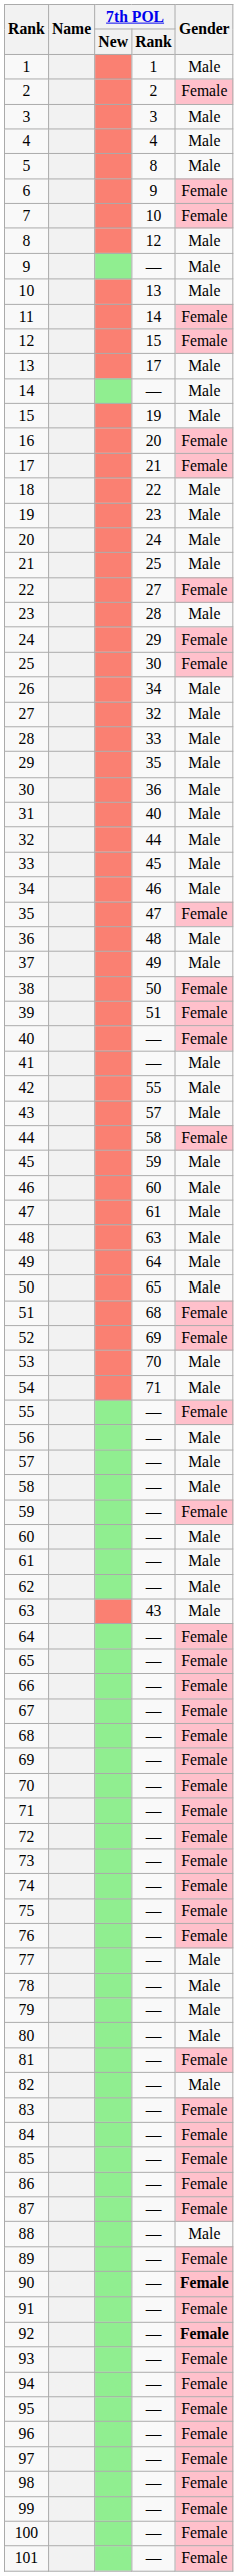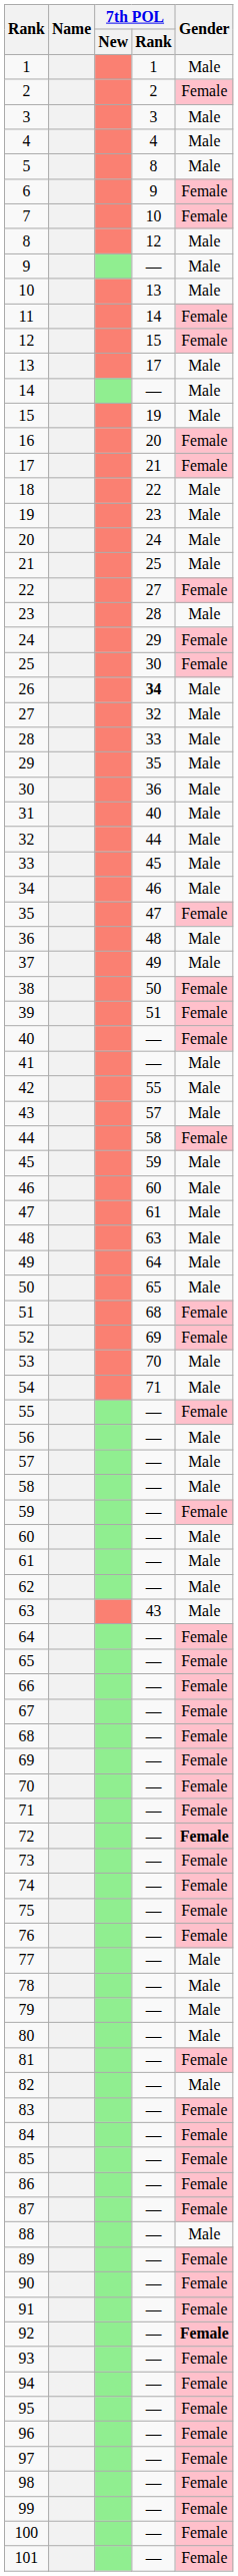 <table class="wikitable sortable" style=text-align:center>
 <tr>
 <th Rowspan="2" scope="col">Rank</th>
 <th Rowspan="2" scope="col">Name</th>
 <th colspan="2" unsortable><a href='#'>7th POL</a></th>
 <th Rowspan="2" scope="col">Gender</th>
 </tr>
 <tr>
 <th>New</th>
 <th>Rank</th>
 </tr>
 <tr>
 <td>1</td>
 <th scope="row" style="font-weight:normal;"></th>
 <td bgcolor = Salmon></td>
 <td>1</td>
 <td>Male</td>
 </tr>
 <tr>
 <td>2</td>
 <th scope="row" style="font-weight:normal;"></th>
 <td bgcolor = Salmon></td>
 <td>2</td>
 <td bgcolor = Pink>Female</td>
 </tr>
 <tr>
 <td>3</td>
 <th scope="row" style="font-weight:normal;"></th>
 <td bgcolor = Salmon></td>
 <td>3</td>
 <td>Male</td>
 </tr>
 <tr>
 <td>4</td>
 <th scope="row" style="font-weight:normal;"></th>
 <td bgcolor = Salmon></td>
 <td>4</td>
 <td>Male</td>
 </tr>
 <tr>
 <td>5</td>
 <th scope="row" style="font-weight:normal;"></th>
 <td bgcolor = Salmon></td>
 <td>8</td>
 <td>Male</td>
 </tr>
 <tr>
 <td>6</td>
 <th scope="row" style="font-weight:normal;"></th>
 <td bgcolor = Salmon></td>
 <td>9</td>
 <td bgcolor = Pink>Female</td>
 </tr>
 <tr>
 <td>7</td>
 <th scope="row" style="font-weight:normal;"></th>
 <td bgcolor = Salmon></td>
 <td>10</td>
 <td bgcolor = Pink>Female</td>
 </tr>
 <tr>
 <td>8</td>
 <th scope="row" style="font-weight:normal;"></th>
 <td bgcolor = Salmon></td>
 <td>12</td>
 <td>Male</td>
 </tr>
 <tr>
 <td>9</td>
 <th scope="row" style="font-weight:normal;"></th>
 <td bgcolor = LightGreen></td>
 <td data-sort-value="100">—</td>
 <td>Male</td>
 </tr>
 <tr>
 <td>10</td>
 <th scope="row" style="font-weight:normal;"></th>
 <td bgcolor = Salmon></td>
 <td>13</td>
 <td>Male</td>
 </tr>
 <tr>
 <td>11</td>
 <th scope="row" style="font-weight:normal;"></th>
 <td bgcolor = Salmon></td>
 <td>14</td>
 <td bgcolor = Pink>Female</td>
 </tr>
 <tr>
 <td>12</td>
 <th scope="row" style="font-weight:normal;"></th>
 <td bgcolor = Salmon></td>
 <td>15</td>
 <td bgcolor = Pink>Female</td>
 </tr>
 <tr>
 <td>13</td>
 <th scope="row" style="font-weight:normal;"></th>
 <td bgcolor = Salmon></td>
 <td>17</td>
 <td>Male</td>
 </tr>
 <tr>
 <td>14</td>
 <th scope="row" style="font-weight:normal;"></th>
 <td bgcolor = LightGreen></td>
 <td data-sort-value="100">—</td>
 <td>Male</td>
 </tr>
 <tr>
 <td>15</td>
 <th scope="row" style="font-weight:normal;"></th>
 <td bgcolor = Salmon></td>
 <td>19</td>
 <td>Male</td>
 </tr>
 <tr>
 <td>16</td>
 <th scope="row" style="font-weight:normal;"></th>
 <td bgcolor = Salmon></td>
 <td>20</td>
 <td bgcolor = Pink>Female</td>
 </tr>
 <tr>
 <td>17</td>
 <th scope="row" style="font-weight:normal;"></th>
 <td bgcolor = Salmon></td>
 <td>21</td>
 <td bgcolor = Pink>Female</td>
 </tr>
 <tr>
 <td>18</td>
 <th scope="row" style="font-weight:normal;"></th>
 <td bgcolor = Salmon></td>
 <td>22</td>
 <td>Male</td>
 </tr>
 <tr>
 <td>19</td>
 <th scope="row" style="font-weight:normal;"></th>
 <td bgcolor = Salmon></td>
 <td>23</td>
 <td>Male</td>
 </tr>
 <tr>
 <td>20</td>
 <th scope="row" style="font-weight:normal;"></th>
 <td bgcolor = Salmon></td>
 <td>24</td>
 <td>Male</td>
 </tr>
 <tr>
 <td>21</td>
 <th scope="row" style="font-weight:normal;"></th>
 <td bgcolor = Salmon></td>
 <td>25</td>
 <td>Male</td>
 </tr>
 <tr>
 <td>22</td>
 <th scope="row" style="font-weight:normal;"></th>
 <td bgcolor = Salmon></td>
 <td>27</td>
 <td bgcolor = Pink>Female</td>
 </tr>
 <tr>
 <td>23</td>
 <th scope="row" style="font-weight:normal;"></th>
 <td bgcolor = Salmon></td>
 <td>28</td>
 <td>Male</td>
 </tr>
 <tr>
 <td>24</td>
 <th scope="row" style="font-weight:normal;"></th>
 <td bgcolor = Salmon></td>
 <td>29</td>
 <td bgcolor = Pink>Female</td>
 </tr>
 <tr>
 <td>25</td>
 <th scope="row" style="font-weight:normal;"></th>
 <td bgcolor = Salmon></td>
 <td>30</td>
 <td bgcolor = Pink>Female</td>
 </tr>
 <tr>
 <td>26</td>
 <th scope="row" style="font-weight:normal;"></th>
 <td bgcolor = Salmon></td>
-<td>34</td>
+<td><strong>34</strong></td>
 <td>Male</td>
 </tr>
 <tr>
 <td>27</td>
 <th scope="row" style="font-weight:normal;"></th>
 <td bgcolor = Salmon></td>
 <td>32</td>
 <td>Male</td>
 </tr>
 <tr>
 <td>28</td>
 <th scope="row" style="font-weight:normal;"></th>
 <td bgcolor = Salmon></td>
 <td>33</td>
 <td>Male</td>
 </tr>
 <tr>
 <td>29</td>
 <th scope="row" style="font-weight:normal;"></th>
 <td bgcolor = Salmon></td>
 <td>35</td>
 <td>Male</td>
 </tr>
 <tr>
 <td>30</td>
 <th scope="row" style="font-weight:normal;"></th>
 <td bgcolor = Salmon></td>
 <td>36</td>
 <td>Male</td>
 </tr>
 <tr>
 <td>31</td>
 <th scope="row" style="font-weight:normal;"></th>
 <td bgcolor = Salmon></td>
 <td>40</td>
 <td>Male</td>
 </tr>
 <tr>
 <td>32</td>
 <th scope="row" style="font-weight:normal;"></th>
 <td bgcolor = Salmon></td>
 <td>44</td>
 <td>Male</td>
 </tr>
 <tr>
 <td>33</td>
 <th scope="row" style="font-weight:normal;"></th>
 <td bgcolor = Salmon></td>
 <td>45</td>
 <td>Male</td>
 </tr>
 <tr>
 <td>34</td>
 <th scope="row" style="font-weight:normal;"></th>
 <td bgcolor = Salmon></td>
 <td>46</td>
 <td>Male</td>
 </tr>
 <tr>
 <td>35</td>
 <th scope="row" style="font-weight:normal;"></th>
 <td bgcolor = Salmon></td>
 <td>47</td>
 <td bgcolor = Pink>Female</td>
 </tr>
 <tr>
 <td>36</td>
 <th scope="row" style="font-weight:normal;"></th>
 <td bgcolor = Salmon></td>
 <td>48</td>
 <td>Male</td>
 </tr>
 <tr>
 <td>37</td>
 <th scope="row" style="font-weight:normal;"></th>
 <td bgcolor = Salmon></td>
 <td>49</td>
 <td>Male</td>
 </tr>
 <tr>
 <td>38</td>
 <th scope="row" style="font-weight:normal;"></th>
 <td bgcolor = Salmon></td>
 <td>50</td>
 <td bgcolor = Pink>Female</td>
 </tr>
 <tr>
 <td>39</td>
 <th scope="row" style="font-weight:normal;"></th>
 <td bgcolor = Salmon></td>
 <td>51</td>
 <td bgcolor = Pink>Female</td>
 </tr>
 <tr>
 <td>40</td>
 <th scope="row" style="font-weight:normal;"></th>
 <td bgcolor = Salmon></td>
 <td data-sort-value="100">—</td>
 <td bgcolor = Pink>Female</td>
 </tr>
 <tr>
 <td>41</td>
 <th scope="row" style="font-weight:normal;"></th>
 <td bgcolor = Salmon></td>
 <td data-sort-value="100">—</td>
 <td>Male</td>
 </tr>
 <tr>
 <td>42</td>
 <th scope="row" style="font-weight:normal;"></th>
 <td bgcolor = Salmon></td>
 <td>55</td>
 <td>Male</td>
 </tr>
 <tr>
 <td>43</td>
 <th scope="row" style="font-weight:normal;"></th>
 <td bgcolor = Salmon></td>
 <td>57</td>
 <td>Male</td>
 </tr>
 <tr>
 <td>44</td>
 <th scope="row" style="font-weight:normal;"></th>
 <td bgcolor = Salmon></td>
 <td>58</td>
 <td bgcolor = Pink>Female</td>
 </tr>
 <tr>
 <td>45</td>
 <th scope="row" style="font-weight:normal;"></th>
 <td bgcolor = Salmon></td>
 <td>59</td>
 <td>Male</td>
 </tr>
 <tr>
 <td>46</td>
 <th scope="row" style="font-weight:normal;"></th>
 <td bgcolor = Salmon></td>
 <td>60</td>
 <td>Male</td>
 </tr>
 <tr>
 <td>47</td>
 <th scope="row" style="font-weight:normal;"></th>
 <td bgcolor = Salmon></td>
 <td>61</td>
 <td>Male</td>
 </tr>
 <tr>
 <td>48</td>
 <th scope="row" style="font-weight:normal;"></th>
 <td bgcolor = Salmon></td>
 <td>63</td>
 <td>Male</td>
 </tr>
 <tr>
 <td>49</td>
 <th scope="row" style="font-weight:normal;"></th>
 <td bgcolor = Salmon></td>
 <td>64</td>
 <td>Male</td>
 </tr>
 <tr>
 <td>50</td>
 <th scope="row" style="font-weight:normal;"></th>
 <td bgcolor = Salmon></td>
 <td>65</td>
 <td>Male</td>
 </tr>
 <tr>
 <td>51</td>
 <th scope="row" style="font-weight:normal;"></th>
 <td bgcolor = Salmon></td>
 <td>68</td>
 <td bgcolor = Pink>Female</td>
 </tr>
 <tr>
 <td>52</td>
 <th scope="row" style="font-weight:normal;"></th>
 <td bgcolor = Salmon></td>
 <td>69</td>
 <td bgcolor = Pink>Female</td>
 </tr>
 <tr>
 <td>53</td>
 <th scope="row" style="font-weight:normal;"></th>
 <td bgcolor = Salmon></td>
 <td>70</td>
 <td>Male</td>
 </tr>
 <tr>
 <td>54</td>
 <th scope="row" style="font-weight:normal;"></th>
 <td bgcolor = Salmon></td>
 <td>71</td>
 <td>Male</td>
 </tr>
 <tr>
 <td>55</td>
 <th scope="row" style="font-weight:normal;"></th>
 <td bgcolor = LightGreen></td>
 <td data-sort-value="100">—</td>
 <td bgcolor = Pink>Female</td>
 </tr>
 <tr>
 <td>56</td>
 <th scope="row" style="font-weight:normal;"></th>
 <td bgcolor = LightGreen></td>
 <td data-sort-value="100">—</td>
 <td>Male</td>
 </tr>
 <tr>
 <td>57</td>
 <th scope="row" style="font-weight:normal;"></th>
 <td bgcolor = LightGreen></td>
 <td data-sort-value="100">—</td>
 <td>Male</td>
 </tr>
 <tr>
 <td>58</td>
 <th scope="row" style="font-weight:normal;"></th>
 <td bgcolor = LightGreen></td>
 <td data-sort-value="100">—</td>
 <td>Male</td>
 </tr>
 <tr>
 <td>59</td>
 <th scope="row" style="font-weight:normal;"></th>
 <td bgcolor = LightGreen></td>
 <td data-sort-value="100">—</td>
 <td bgcolor = Pink>Female</td>
 </tr>
 <tr>
 <td>60</td>
 <th scope="row" style="font-weight:normal;"></th>
 <td bgcolor = LightGreen></td>
 <td data-sort-value="100">—</td>
 <td>Male</td>
 </tr>
 <tr>
 <td>61</td>
 <th scope="row" style="font-weight:normal;"></th>
 <td bgcolor = LightGreen></td>
 <td data-sort-value="100">—</td>
 <td>Male</td>
 </tr>
 <tr>
 <td>62</td>
 <th scope="row" style="font-weight:normal;"></th>
 <td bgcolor = LightGreen></td>
 <td data-sort-value="100">—</td>
 <td>Male</td>
 </tr>
 <tr>
 <td>63</td>
 <th scope="row" style="font-weight:normal;"></th>
 <td bgcolor = Salmon></td>
 <td>43</td>
 <td>Male</td>
 </tr>
 <tr>
 <td>64</td>
 <th scope="row" style="font-weight:normal;"></th>
 <td bgcolor = LightGreen></td>
 <td data-sort-value="100">—</td>
 <td bgcolor = Pink>Female</td>
 </tr>
 <tr>
 <td>65</td>
 <th scope="row" style="font-weight:normal;"></th>
 <td bgcolor = LightGreen></td>
 <td data-sort-value="100">—</td>
 <td bgcolor = Pink>Female</td>
 </tr>
 <tr>
 <td>66</td>
 <th scope="row" style="font-weight:normal;"></th>
 <td bgcolor = LightGreen></td>
 <td data-sort-value="100">—</td>
 <td bgcolor = Pink>Female</td>
 </tr>
 <tr>
 <td>67</td>
 <th scope="row" style="font-weight:normal;"></th>
 <td bgcolor = LightGreen></td>
 <td data-sort-value="100">—</td>
 <td bgcolor = Pink>Female</td>
 </tr>
 <tr>
 <td>68</td>
 <th scope="row" style="font-weight:normal;"></th>
 <td bgcolor = LightGreen></td>
 <td data-sort-value="100">—</td>
 <td bgcolor = Pink>Female</td>
 </tr>
 <tr>
 <td>69</td>
 <th scope="row" style="font-weight:normal;"></th>
 <td bgcolor = LightGreen></td>
 <td data-sort-value="100">—</td>
 <td bgcolor = Pink>Female</td>
 </tr>
 <tr>
 <td>70</td>
 <th scope="row" style="font-weight:normal;"></th>
 <td bgcolor = LightGreen></td>
 <td data-sort-value="100">—</td>
 <td bgcolor = Pink>Female</td>
 </tr>
 <tr>
 <td>71</td>
 <th scope="row" style="font-weight:normal;"></th>
 <td bgcolor = LightGreen></td>
 <td data-sort-value="100">—</td>
 <td bgcolor = Pink>Female</td>
 </tr>
 <tr>
 <td>72</td>
 <th scope="row" style="font-weight:normal;"></th>
 <td bgcolor = LightGreen></td>
 <td data-sort-value="100">—</td>
-<td bgcolor = Pink>Female</td>
+<td bgcolor = Pink><strong>Female</strong></td>
 </tr>
 <tr>
 <td>73</td>
 <th scope="row" style="font-weight:normal;"></th>
 <td bgcolor = LightGreen></td>
 <td data-sort-value="100">—</td>
 <td bgcolor = Pink>Female</td>
 </tr>
 <tr>
 <td>74</td>
 <th scope="row" style="font-weight:normal;"></th>
 <td bgcolor = LightGreen></td>
 <td data-sort-value="100">—</td>
 <td bgcolor = Pink>Female</td>
 </tr>
 <tr>
 <td>75</td>
 <th scope="row" style="font-weight:normal;"></th>
 <td bgcolor = LightGreen></td>
 <td data-sort-value="100">—</td>
 <td bgcolor = Pink>Female</td>
 </tr>
 <tr>
 <td>76</td>
 <th scope="row" style="font-weight:normal;"></th>
 <td bgcolor = LightGreen></td>
 <td data-sort-value="100">—</td>
 <td bgcolor = Pink>Female</td>
 </tr>
 <tr>
 <td>77</td>
 <th scope="row" style="font-weight:normal;"></th>
 <td bgcolor = LightGreen></td>
 <td data-sort-value="100">—</td>
 <td>Male</td>
 </tr>
 <tr>
 <td>78</td>
 <th scope="row" style="font-weight:normal;"></th>
 <td bgcolor = LightGreen></td>
 <td data-sort-value="100">—</td>
 <td>Male</td>
 </tr>
 <tr>
 <td>79</td>
 <th scope="row" style="font-weight:normal;"></th>
 <td bgcolor = LightGreen></td>
 <td data-sort-value="100">—</td>
 <td>Male</td>
 </tr>
 <tr>
 <td>80</td>
 <th scope="row" style="font-weight:normal;"></th>
 <td bgcolor = LightGreen></td>
 <td data-sort-value="100">—</td>
 <td>Male</td>
 </tr>
 <tr>
 <td>81</td>
 <th scope="row" style="font-weight:normal;"></th>
 <td bgcolor = LightGreen></td>
 <td data-sort-value="100">—</td>
 <td bgcolor = Pink>Female</td>
 </tr>
 <tr>
 <td>82</td>
 <th scope="row" style="font-weight:normal;"></th>
 <td bgcolor = LightGreen></td>
 <td data-sort-value="100">—</td>
 <td>Male</td>
 </tr>
 <tr>
 <td>83</td>
 <th scope="row" style="font-weight:normal;"></th>
 <td bgcolor = LightGreen></td>
 <td data-sort-value="100">—</td>
 <td bgcolor = Pink>Female</td>
 </tr>
 <tr>
 <td>84</td>
 <th scope="row" style="font-weight:normal;"></th>
 <td bgcolor = LightGreen></td>
 <td data-sort-value="100">—</td>
 <td bgcolor = Pink>Female</td>
 </tr>
 <tr>
 <td>85</td>
 <th scope="row" style="font-weight:normal;"></th>
 <td bgcolor = LightGreen></td>
 <td data-sort-value="100">—</td>
 <td bgcolor = Pink>Female</td>
 </tr>
 <tr>
 <td>86</td>
 <th scope="row" style="font-weight:normal;"></th>
 <td bgcolor = LightGreen></td>
 <td data-sort-value="100">—</td>
 <td bgcolor = Pink>Female</td>
 </tr>
 <tr>
 <td>87</td>
 <th scope="row" style="font-weight:normal;"></th>
 <td bgcolor = LightGreen></td>
 <td data-sort-value="100">—</td>
 <td bgcolor = Pink>Female</td>
 </tr>
 <tr>
 <td>88</td>
 <th scope="row" style="font-weight:normal;"></th>
 <td bgcolor = LightGreen></td>
 <td data-sort-value="100">—</td>
 <td>Male</td>
 </tr>
 <tr>
 <td>89</td>
 <th scope="row" style="font-weight:normal;"></th>
 <td bgcolor = LightGreen></td>
 <td data-sort-value="100">—</td>
 <td bgcolor = Pink>Female</td>
 </tr>
 <tr>
 <td>90</td>
 <th scope="row" style="font-weight:normal;"></th>
 <td bgcolor = LightGreen></td>
 <td data-sort-value="100">—</td>
-<td bgcolor = Pink><strong>Female</strong></td>
+<td bgcolor = Pink>Female</td>
 </tr>
 <tr>
 <td>91</td>
 <th scope="row" style="font-weight:normal;"></th>
 <td bgcolor = LightGreen></td>
 <td data-sort-value="100">—</td>
 <td bgcolor = Pink>Female</td>
 </tr>
 <tr>
 <td>92</td>
 <th scope="row" style="font-weight:normal;"></th>
 <td bgcolor = LightGreen></td>
 <td data-sort-value="100">—</td>
 <td bgcolor = Pink><strong>Female</strong></td>
 </tr>
 <tr>
 <td>93</td>
 <th scope="row" style="font-weight:normal;"></th>
 <td bgcolor = LightGreen></td>
 <td data-sort-value="100">—</td>
 <td bgcolor = Pink>Female</td>
 </tr>
 <tr>
 <td>94</td>
 <th scope="row" style="font-weight:normal;"></th>
 <td bgcolor = LightGreen></td>
 <td data-sort-value="100">—</td>
 <td bgcolor = Pink>Female</td>
 </tr>
 <tr>
 <td>95</td>
 <th scope="row" style="font-weight:normal;"></th>
 <td bgcolor = LightGreen></td>
 <td data-sort-value="100">—</td>
 <td bgcolor = Pink>Female</td>
 </tr>
 <tr>
 <td>96</td>
 <th scope="row" style="font-weight:normal;"></th>
 <td bgcolor = LightGreen></td>
 <td data-sort-value="100">—</td>
 <td bgcolor = Pink>Female</td>
 </tr>
 <tr>
 <td>97</td>
 <th scope="row" style="font-weight:normal;"></th>
 <td bgcolor = LightGreen></td>
 <td data-sort-value="100">—</td>
 <td bgcolor = Pink>Female</td>
 </tr>
 <tr>
 <td>98</td>
 <th scope="row" style="font-weight:normal;"></th>
 <td bgcolor = LightGreen></td>
 <td data-sort-value="100">—</td>
 <td bgcolor = Pink>Female</td>
 </tr>
 <tr>
 <td>99</td>
 <th scope="row" style="font-weight:normal;"></th>
 <td bgcolor = LightGreen></td>
 <td data-sort-value="100">—</td>
 <td bgcolor = Pink>Female</td>
 </tr>
 <tr>
 <td>100</td>
 <th scope="row" style="font-weight:normal;"></th>
 <td bgcolor = LightGreen></td>
 <td data-sort-value="100">—</td>
 <td bgcolor = Pink>Female</td>
 </tr>
 <tr>
 <td>101</td>
 <th scope="row" style="font-weight:normal;"></th>
 <td bgcolor = LightGreen></td>
 <td data-sort-value="100">—</td>
 <td bgcolor = Pink>Female</td>
 </tr>
 </table>
